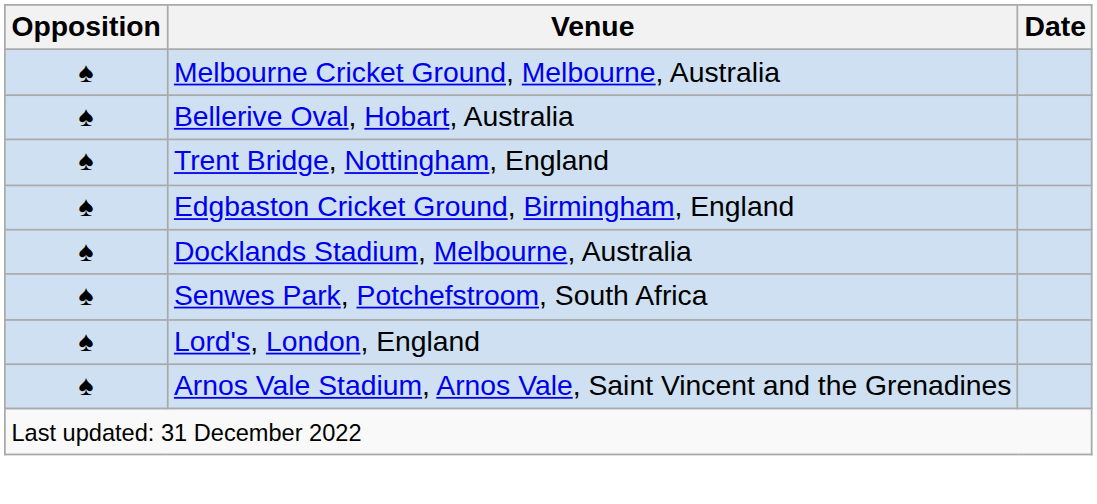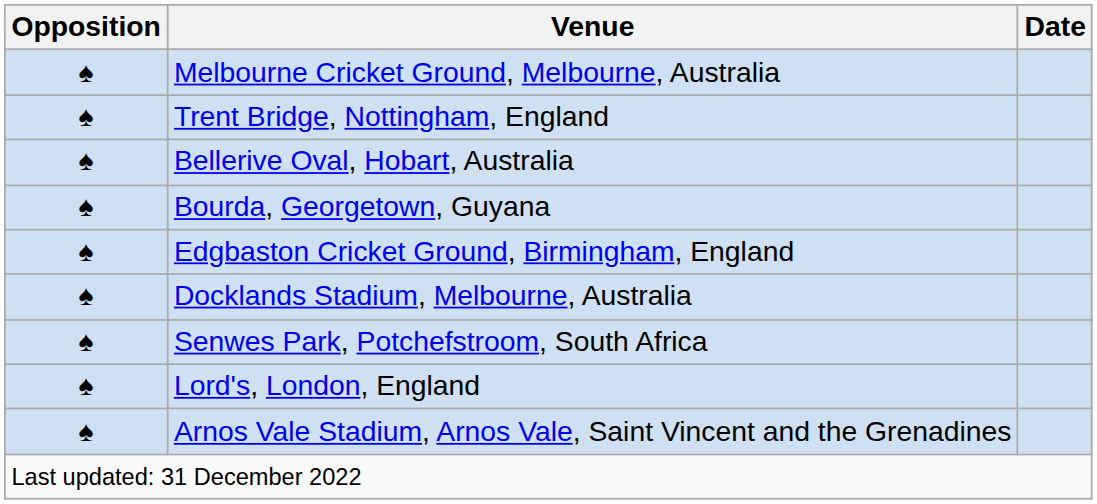 <table class="wikitable plainrowheaders sortable">
 <tr>
 <th scope=col>Opposition</th>
 <th scope=col>Venue</th>
 <th scope=col>Date</th>
 </tr>
 <tr bgcolor=#cee0f2>
 <th scope=row style="background:#cee0f2;"> ♠</th>
 <td><a href='#'>Melbourne Cricket Ground</a>, <a href='#'>Melbourne</a>, Australia</td>
 <td><a href='#'></a></td>
 </tr>
 <tr bgcolor=#cee0f2>
 <th scope=row style="background:#cee0f2;"> ♠</th>
+<td><a href='#'>Trent Bridge</a>, <a href='#'>Nottingham</a>, England</td>
+<td><a href='#'></a></td>
+</tr>
+<tr bgcolor=#cee0f2>
+<th scope=row style="background:#cee0f2;"> ♠</th>
 <td><a href='#'>Bellerive Oval</a>, <a href='#'>Hobart</a>, Australia</td>
 <td><a href='#'></a></td>
 </tr>
 <tr bgcolor=#cee0f2>
 <th scope=row style="background:#cee0f2;"> ♠</th>
-<td><a href='#'>Trent Bridge</a>, <a href='#'>Nottingham</a>, England</td>
+<td><a href='#'>Bourda</a>, <a href='#'>Georgetown</a>, Guyana</td>
 <td><a href='#'></a></td>
 </tr>
 <tr bgcolor=#cee0f2>
 <th scope=row style="background:#cee0f2;"> ♠</th>
 <td><a href='#'>Edgbaston Cricket Ground</a>, <a href='#'>Birmingham</a>, England</td>
 <td><a href='#'></a></td>
 </tr>
 <tr bgcolor=#cee0f2>
 <th scope=row style="background:#cee0f2;"> ♠</th>
 <td><a href='#'>Docklands Stadium</a>, <a href='#'>Melbourne</a>, Australia</td>
 <td><a href='#'></a></td>
 </tr>
 <tr bgcolor=#cee0f2>
 <th scope=row style="background:#cee0f2;"> ♠</th>
 <td><a href='#'>Senwes Park</a>, <a href='#'>Potchefstroom</a>, South Africa</td>
 <td><a href='#'></a></td>
 </tr>
 <tr bgcolor=#cee0f2>
 <th scope=row style="background:#cee0f2;"> ♠</th>
 <td><a href='#'>Lord's</a>, <a href='#'>London</a>, England</td>
 <td><a href='#'></a></td>
 </tr>
 <tr bgcolor=#cee0f2>
 <th scope=row style="background:#cee0f2;"> ♠</th>
 <td><a href='#'>Arnos Vale Stadium</a>, <a href='#'>Arnos Vale</a>, Saint Vincent and the Grenadines</td>
 <td><a href='#'></a></td>
 </tr>
 <tr class=sortbottom>
 <td colspan=3><small>Last updated: 31 December 2022</small></td>
 </tr>
 </table>
